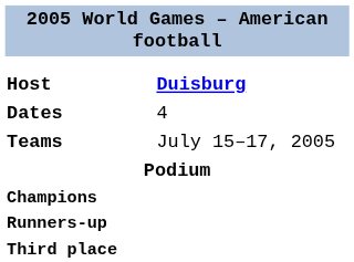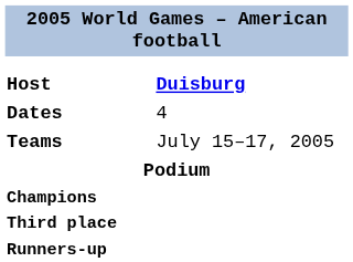 <table class="toccolours" style="float: right; margin: 0 0 1em 1em; font-size: 90%;" width=220px>
 <tr>
 <td colspan="2"  style="background:#b0c4de; text-align:center; height:30px;"><strong>2005 World Games – American football</strong></td>
 </tr>
 <tr>
 <td colspan="2" style="text-align: center;"></td>
 </tr>
 <tr>
 <td colspan=2></td>
 </tr>
 <tr>
 <td width=90><strong>Host</strong></td>
 <td><strong> <a href='#'>Duisburg</a></strong></td>
 </tr>
 <tr>
 <td><strong>Dates</strong></td>
 <td>4</td>
 </tr>
 <tr>
 <td><strong>Teams</strong></td>
 <td>July 15–17, 2005</td>
 </tr>
 <tr>
 <th colspan=2>Podium</th>
 </tr>
 <tr>
 <td style="font-size:90%;"> <strong>Champions</strong></td>
 <td></td>
 </tr>
 <tr>
+<td style="font-size:90%;"> <strong>Third place</strong></td>
+<td></td>
+</tr>
+<tr>
 <td style="font-size:90%;"> <strong>Runners-up</strong></td>
 <td></td>
 </tr>
-<tr>
-<td style="font-size:90%;"> <strong>Third place</strong></td>
-<td></td>
-</tr>
 </table>
